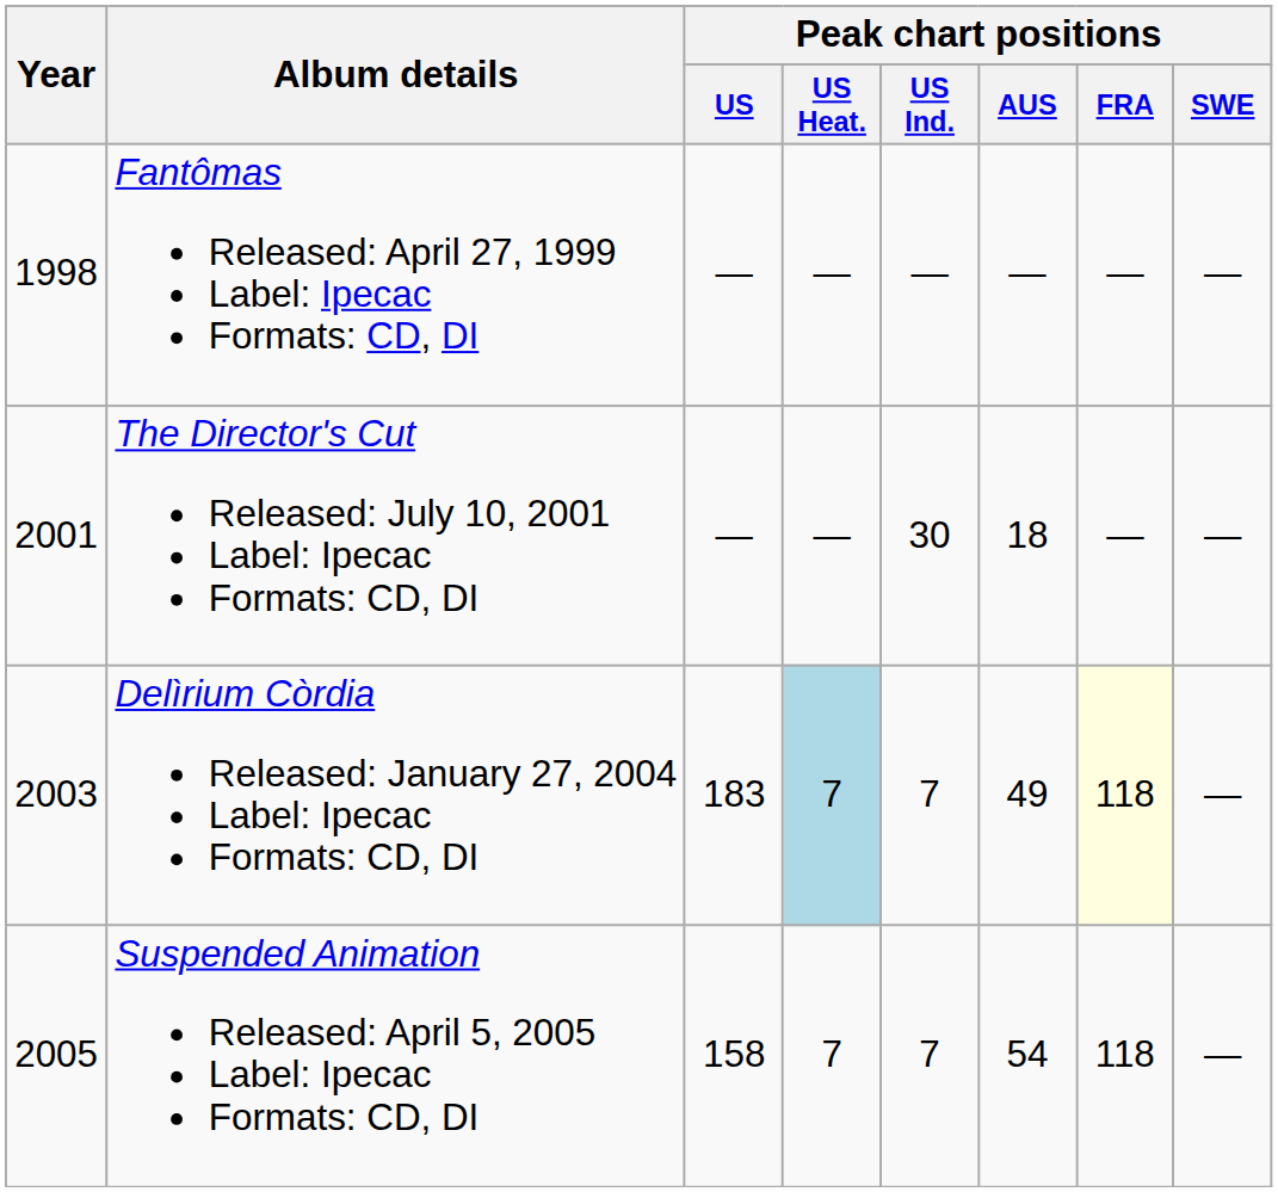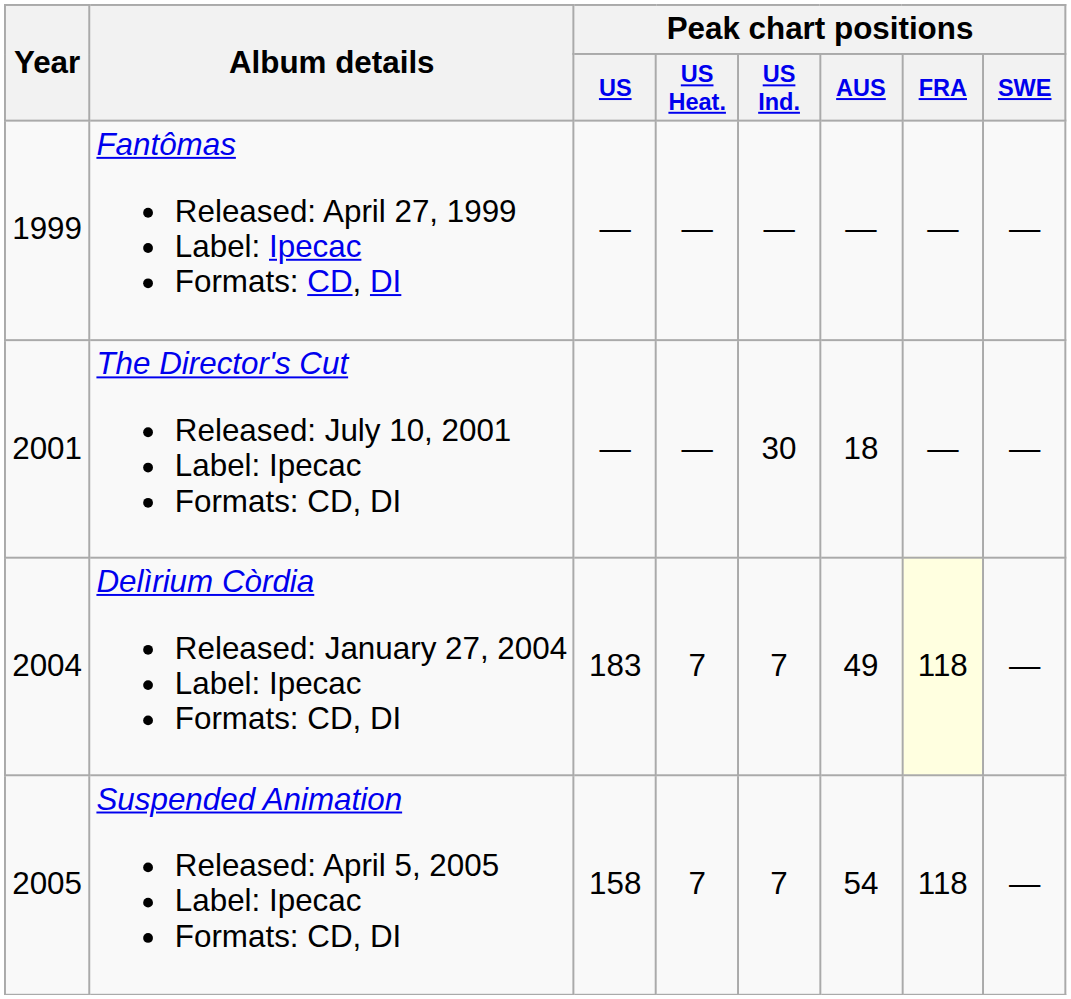 <table class="wikitable">
 <tr>
 <th rowspan="2">Year</th>
 <th rowspan="2">Album details</th>
 <th colspan="6">Peak chart positions</th>
 </tr>
 <tr>
 <th style="width:3em; font-size:75%;"><a href='#'>US</a><br></th>
 <th style="width:3em; font-size:75%;"><a href='#'>US<br>Heat.</a><br></th>
 <th style="width:3em; font-size:75%;"><a href='#'>US<br>Ind.</a><br></th>
 <th style="width:3em; font-size:75%;"><a href='#'>AUS</a><br></th>
 <th style="width:3em; font-size:75%;"><a href='#'>FRA</a><br></th>
 <th style="width:3em; font-size:75%;"><a href='#'>SWE</a><br></th>
 </tr>
 <tr>
-<td style="text-align:center;">1998</td>
+<td style="text-align:center;">1999</td>
 <td style="text-align:left;"><em><a href='#'>Fantômas</a></em><br><ul><li>Released: April 27, 1999</li><li>Label: <a href='#'>Ipecac</a></li><li>Formats: <a href='#'>CD</a>, <a href='#'>DI</a></li></ul></td>
 <td style="text-align:center;">—</td>
 <td style="text-align:center;">—</td>
 <td style="text-align:center;">—</td>
 <td style="text-align:center;">—</td>
 <td style="text-align:center;">—</td>
 <td style="text-align:center;">—</td>
 </tr>
 <tr>
 <td style="text-align:center;">2001</td>
 <td style="text-align:left;"><em><a href='#'>The Director's Cut</a></em><br><ul><li>Released: July 10, 2001</li><li>Label: Ipecac</li><li>Formats: CD, DI</li></ul></td>
 <td style="text-align:center;">—</td>
 <td style="text-align:center;">—</td>
 <td style="text-align:center;">30</td>
 <td style="text-align:center;">18</td>
 <td style="text-align:center;">—</td>
 <td style="text-align:center;">—</td>
 </tr>
 <tr>
-<td style="text-align:center;">2003</td>
+<td style="text-align:center;">2004</td>
 <td style="text-align:left;"><em><a href='#'>Delìrium Còrdia</a></em><br><ul><li>Released: January 27, 2004</li><li>Label: Ipecac</li><li>Formats: CD, DI</li></ul></td>
 <td style="text-align:center;">183</td>
-<td style="background: lightblue; text-align:center;">7</td>
+<td style="text-align:center;">7</td>
 <td style="text-align:center;">7</td>
 <td style="text-align:center;">49</td>
 <td style="background: lightyellow; text-align:center;">118</td>
 <td style="text-align:center;">—</td>
 </tr>
 <tr>
 <td style="text-align:center;">2005</td>
 <td style="text-align:left;"><em><a href='#'>Suspended Animation</a></em><br><ul><li>Released: April 5, 2005</li><li>Label: Ipecac</li><li>Formats: CD, DI</li></ul></td>
 <td style="text-align:center;">158</td>
 <td style="text-align:center;">7</td>
 <td style="text-align:center;">7</td>
 <td style="text-align:center;">54</td>
 <td style="text-align:center;">118</td>
 <td style="text-align:center;">—</td>
 </tr>
 </table>
